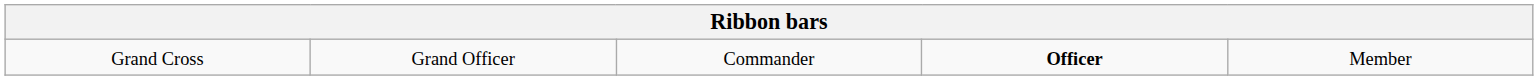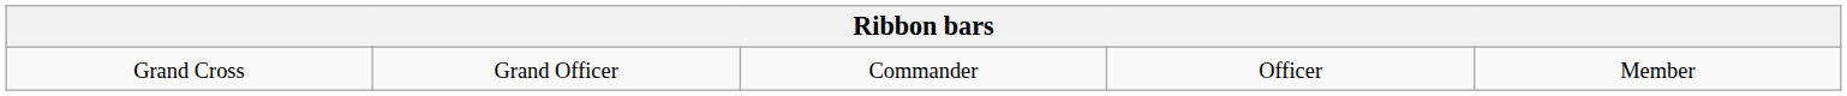 <table class="wikitable" style="margin:1em auto; text-align:center; width:70%;">
 <tr>
 <th colspan=5>Ribbon bars</th>
 </tr>
 <tr style="vertical-align:top;">
 <td width=20%><small>Grand Cross</small></td>
 <td width=20%><small>Grand Officer</small></td>
 <td width=20%><small>Commander</small></td>
-<td width=20%><strong><small>Officer</small></strong></td>
+<td width=20%><small>Officer</small></td>
 <td width=20%><small>Member</small></td>
 </tr>
 </table>
